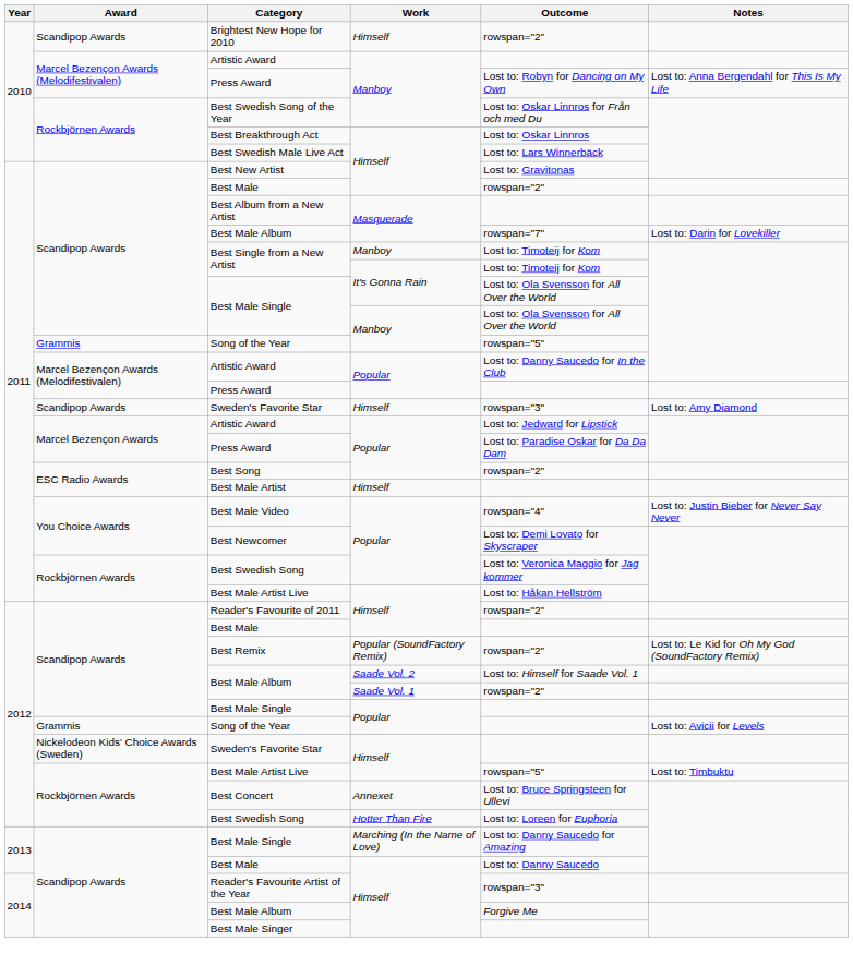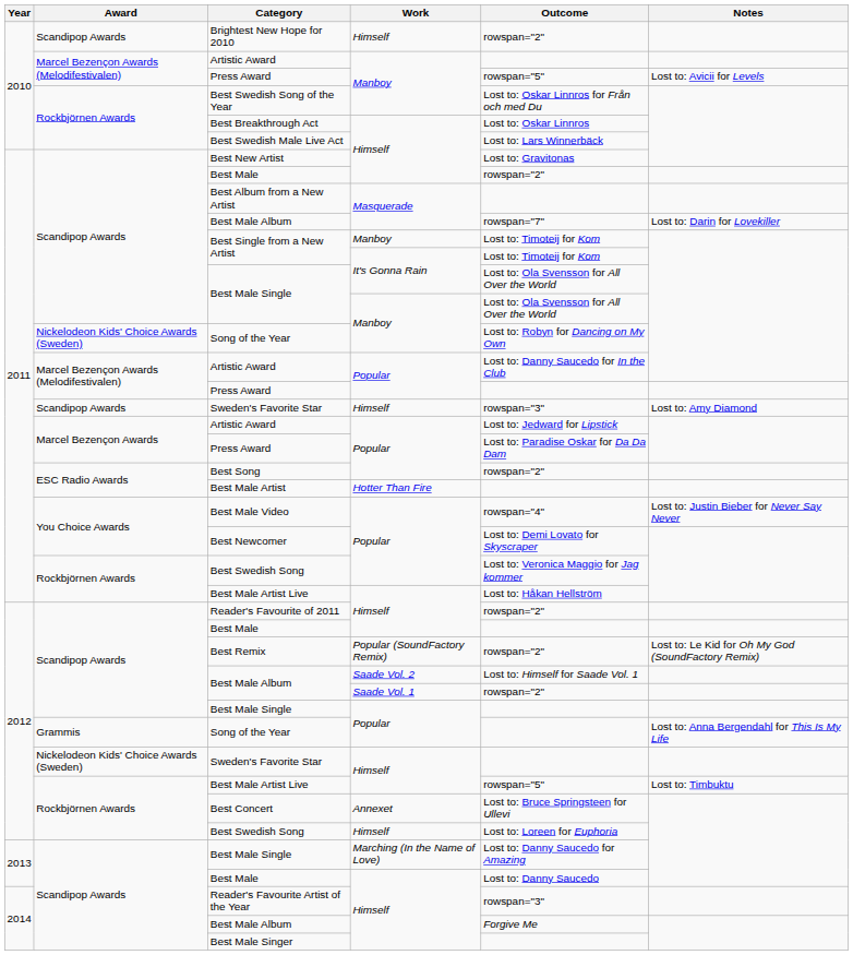 <table class="wikitable">
 <tr>
 <th>Year</th>
 <th>Award</th>
 <th>Category</th>
 <th>Work</th>
 <th>Outcome</th>
 <th>Notes</th>
 </tr>
 <tr>
 <td rowspan="6">2010</td>
 <td>Scandipop Awards</td>
 <td>Brightest New Hope for 2010</td>
 <td><em>Himself</em></td>
 <td>rowspan="2" </td>
 <td></td>
 </tr>
 <tr>
 <td rowspan="2"><a href='#'>Marcel Bezençon Awards (Melodifestivalen)</a></td>
 <td>Artistic Award</td>
 <td rowspan="3"><em><a href='#'>Manboy</a></em></td>
 <td></td>
 </tr>
 <tr>
 <td>Press Award</td>
-<td>Lost to: <a href='#'>Robyn</a> for <em><a href='#'>Dancing on My Own</a></em></td>
-<td>Lost to: <a href='#'>Anna Bergendahl</a> for <em><a href='#'>This Is My Life</a></em></td>
+<td>rowspan="5" </td>
+<td>Lost to: <a href='#'>Avicii</a> for <em><a href='#'>Levels</a></em></td>
 </tr>
 <tr>
 <td rowspan="3"><a href='#'>Rockbjörnen Awards</a></td>
 <td>Best Swedish Song of the Year</td>
 <td>Lost to: <a href='#'>Oskar Linnros</a> for <em>Från och med Du</em></td>
 </tr>
 <tr>
 <td>Best Breakthrough Act</td>
 <td rowspan="4"><em>Himself</em></td>
 <td>Lost to: <a href='#'>Oskar Linnros</a></td>
 </tr>
 <tr>
 <td>Best Swedish Male Live Act</td>
 <td>Lost to: <a href='#'>Lars Winnerbäck</a></td>
 </tr>
 <tr>
 <td rowspan="20">2011</td>
 <td rowspan="8">Scandipop Awards</td>
 <td>Best New Artist</td>
 <td>Lost to: <a href='#'>Gravitonas</a></td>
 </tr>
 <tr>
 <td>Best Male</td>
 <td>rowspan="2" </td>
 <td></td>
 </tr>
 <tr>
 <td>Best Album from a New Artist</td>
 <td rowspan="2"><em><a href='#'>Masquerade</a></em></td>
 <td></td>
 </tr>
 <tr>
 <td>Best Male Album</td>
 <td>rowspan="7" </td>
 <td>Lost to: <a href='#'>Darin</a> for <em><a href='#'>Lovekiller</a></em></td>
 </tr>
 <tr>
 <td rowspan="2">Best Single from a New Artist</td>
 <td><em>Manboy</em></td>
 <td>Lost to: <a href='#'>Timoteij</a> for <em><a href='#'>Kom</a></em></td>
 </tr>
 <tr>
 <td rowspan="2"><em>It's Gonna Rain</em></td>
 <td>Lost to: <a href='#'>Timoteij</a> for <em><a href='#'>Kom</a></em></td>
 </tr>
 <tr>
 <td rowspan="2">Best Male Single</td>
 <td>Lost to: <a href='#'>Ola Svensson</a> for <em>All Over the World</em></td>
 </tr>
 <tr>
 <td rowspan="2"><em>Manboy</em></td>
 <td>Lost to: <a href='#'>Ola Svensson</a> for <em>All Over the World</em></td>
 </tr>
 <tr>
-<td><a href='#'>Grammis</a></td>
+<td><a href='#'>Nickelodeon Kids' Choice Awards (Sweden)</a></td>
 <td>Song of the Year</td>
-<td>rowspan="5" </td>
+<td>Lost to: <a href='#'>Robyn</a> for <em><a href='#'>Dancing on My Own</a></em></td>
 </tr>
 <tr>
 <td rowspan="2">Marcel Bezençon Awards (Melodifestivalen)</td>
 <td>Artistic Award</td>
 <td rowspan="2"><em><a href='#'>Popular</a></em></td>
 <td>Lost to: <a href='#'>Danny Saucedo</a> for <em><a href='#'>In the Club</a></em></td>
 </tr>
 <tr>
 <td>Press Award</td>
 <td></td>
 <td></td>
 </tr>
 <tr>
 <td>Scandipop Awards</td>
 <td>Sweden's Favorite Star</td>
 <td><em>Himself</em></td>
 <td>rowspan="3" </td>
 <td>Lost to: <a href='#'>Amy Diamond</a></td>
 </tr>
 <tr>
 <td rowspan="2">Marcel Bezençon Awards</td>
 <td>Artistic Award</td>
 <td rowspan="3"><em>Popular</em></td>
 <td>Lost to: <a href='#'>Jedward</a> for <em><a href='#'>Lipstick</a></em></td>
 </tr>
 <tr>
 <td>Press Award</td>
 <td>Lost to: <a href='#'>Paradise Oskar</a> for <em><a href='#'>Da Da Dam</a></em></td>
 </tr>
 <tr>
 <td rowspan="2">ESC Radio Awards</td>
 <td>Best Song</td>
 <td>rowspan="2" </td>
 <td></td>
 </tr>
 <tr>
 <td>Best Male Artist</td>
-<td><em>Himself</em></td>
+<td><em><a href='#'>Hotter Than Fire</a></em></td>
 <td></td>
 </tr>
 <tr>
 <td rowspan="2">You Choice Awards</td>
 <td>Best Male Video</td>
 <td rowspan="3"><em>Popular</em></td>
 <td>rowspan="4" </td>
 <td>Lost to: <a href='#'>Justin Bieber</a> for <em><a href='#'>Never Say Never</a></em></td>
 </tr>
 <tr>
 <td>Best Newcomer</td>
 <td>Lost to: <a href='#'>Demi Lovato</a> for <em><a href='#'>Skyscraper</a></em></td>
 </tr>
 <tr>
 <td rowspan="2">Rockbjörnen Awards</td>
 <td>Best Swedish Song</td>
 <td>Lost to: <a href='#'>Veronica Maggio</a> for <em><a href='#'>Jag kommer</a></em></td>
 </tr>
 <tr>
 <td>Best Male Artist Live</td>
 <td rowspan="3"><em>Himself</em></td>
 <td>Lost to: <a href='#'>Håkan Hellström</a></td>
 </tr>
 <tr>
 <td rowspan="11">2012</td>
 <td rowspan="6">Scandipop Awards</td>
 <td>Reader's Favourite of 2011</td>
 <td>rowspan="2" </td>
 <td></td>
 </tr>
 <tr>
 <td>Best Male</td>
 <td></td>
 </tr>
 <tr>
 <td>Best Remix</td>
 <td><em>Popular (SoundFactory Remix)</em></td>
 <td>rowspan="2" </td>
 <td>Lost to: Le Kid for <em>Oh My God (SoundFactory Remix)</em></td>
 </tr>
 <tr>
 <td rowspan="2">Best Male Album</td>
 <td><em><a href='#'>Saade Vol. 2</a></em></td>
 <td>Lost to: <em>Himself</em> for <em>Saade Vol. 1</em></td>
 </tr>
 <tr>
 <td><em><a href='#'>Saade Vol. 1</a></em></td>
 <td>rowspan="2" </td>
 <td></td>
 </tr>
 <tr>
 <td>Best Male Single</td>
 <td rowspan="2"><em>Popular</em></td>
 <td></td>
 </tr>
 <tr>
 <td>Grammis</td>
 <td>Song of the Year</td>
 <td></td>
-<td>Lost to: <a href='#'>Avicii</a> for <em><a href='#'>Levels</a></em></td>
+<td>Lost to: <a href='#'>Anna Bergendahl</a> for <em><a href='#'>This Is My Life</a></em></td>
 </tr>
 <tr>
 <td>Nickelodeon Kids' Choice Awards (Sweden)</td>
 <td>Sweden's Favorite Star</td>
 <td rowspan="2"><em>Himself</em></td>
 <td></td>
 <td></td>
 </tr>
 <tr>
 <td rowspan="3">Rockbjörnen Awards</td>
 <td>Best Male Artist Live</td>
 <td>rowspan="5" </td>
 <td>Lost to: <a href='#'>Timbuktu</a></td>
 </tr>
 <tr>
 <td>Best Concert</td>
 <td><em>Annexet</em></td>
 <td>Lost to: <a href='#'>Bruce Springsteen</a> for <em>Ullevi</em></td>
 </tr>
 <tr>
 <td>Best Swedish Song</td>
-<td><em><a href='#'>Hotter Than Fire</a></em></td>
+<td><em>Himself</em></td>
 <td>Lost to: <a href='#'>Loreen</a> for <em><a href='#'>Euphoria</a></em></td>
 </tr>
 <tr>
 <td rowspan="2">2013</td>
 <td rowspan="5">Scandipop Awards</td>
 <td>Best Male Single</td>
 <td><em>Marching (In the Name of Love)</em></td>
 <td>Lost to: <a href='#'>Danny Saucedo</a> for <em><a href='#'>Amazing</a></em></td>
 </tr>
 <tr>
 <td>Best Male</td>
 <td rowspan="4"><em>Himself</em></td>
 <td>Lost to: <a href='#'>Danny Saucedo</a></td>
 </tr>
 <tr>
 <td rowspan="3">2014</td>
 <td>Reader's Favourite Artist of the Year</td>
 <td>rowspan="3" </td>
 <td></td>
 </tr>
 <tr>
 <td>Best Male Album</td>
 <td><em>Forgive Me</em></td>
 </tr>
 <tr>
 <td>Best Male Singer</td>
 <td></td>
 </tr>
 </table>
